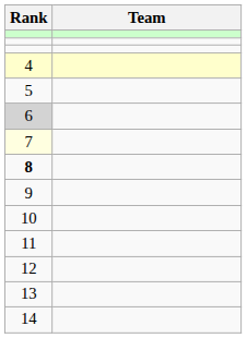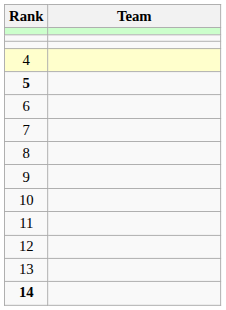 <table class="wikitable" style="text-align: center;">
 <tr>
 <th width=40>Rank</th>
 <th width=180>Team</th>
 </tr>
 <tr bgcolor=#ccffcc>
 <td></td>
 <td align="left"></td>
 </tr>
 <tr>
 <td></td>
 <td align="left"></td>
 </tr>
 <tr>
 <td></td>
 <td align="left"></td>
 </tr>
 <tr bgcolor=#ffffcc>
 <td>4</td>
 <td align="left"></td>
 </tr>
 <tr>
-<td>5</td>
+<td><strong>5</strong></td>
 <td align="left"></td>
 </tr>
 <tr>
-<td style="background: lightgrey;">6</td>
+<td>6</td>
 <td align="left"></td>
 </tr>
 <tr>
-<td style="background: lightyellow;">7</td>
+<td>7</td>
 <td align="left"></td>
 </tr>
 <tr>
-<td><strong>8</strong></td>
+<td>8</td>
 <td align="left"></td>
 </tr>
 <tr>
 <td>9</td>
 <td align="left"></td>
 </tr>
 <tr>
 <td>10</td>
 <td align="left"></td>
 </tr>
 <tr>
 <td>11</td>
 <td align="left"></td>
 </tr>
 <tr>
 <td>12</td>
 <td align="left"></td>
 </tr>
 <tr>
 <td>13</td>
 <td align="left"></td>
 </tr>
 <tr>
-<td>14</td>
+<td><strong>14</strong></td>
 <td align="left"></td>
 </tr>
 </table>
